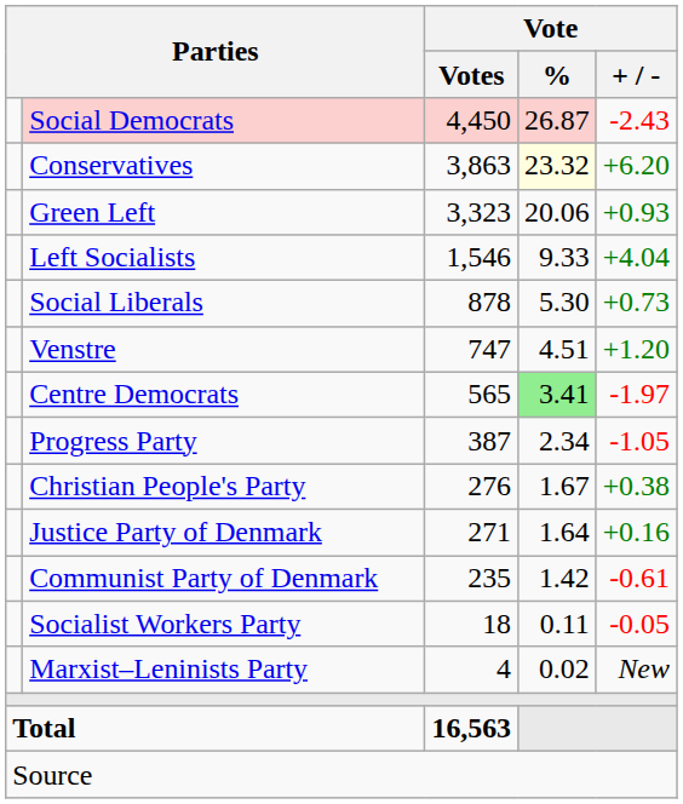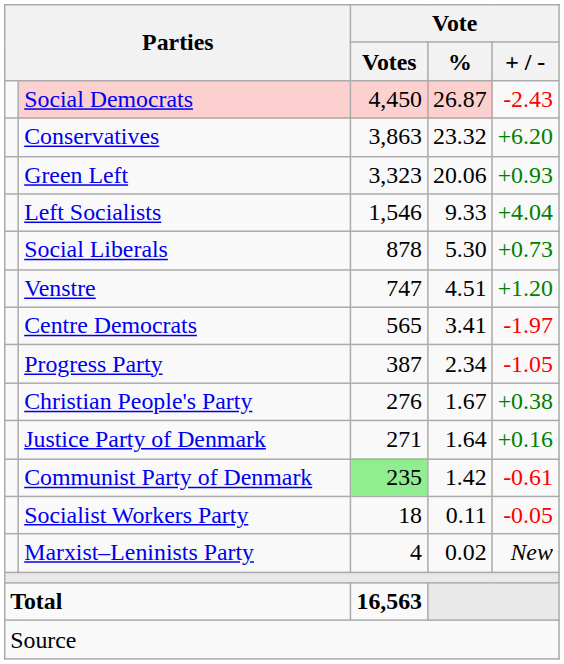 <table class="wikitable" style="text-align:right;">
 <tr>
 <th style="text-align:centre;" rowspan="2" colspan="2" width="225">Parties</th>
 <th colspan="3">Vote</th>
 </tr>
 <tr>
 <th width="15">Votes</th>
 <th width="15">%</th>
 <th width="15">+ / -</th>
 </tr>
 <tr>
 <td width="2" style="color:inherit;background:"></td>
 <td bgcolor=#fbd0ce  align="left"><a href='#'>Social Democrats</a></td>
 <td bgcolor=#fbd0ce>4,450</td>
 <td bgcolor=#fbd0ce>26.87</td>
 <td style=color:red;>-2.43</td>
 </tr>
 <tr>
 <td width="2" style="color:inherit;background:"></td>
 <td align="left"><a href='#'>Conservatives</a></td>
 <td>3,863</td>
-<td style="background: lightyellow;">23.32</td>
+<td>23.32</td>
 <td style=color:green;>+6.20</td>
 </tr>
 <tr>
 <td width="2" style="color:inherit;background:"></td>
 <td align="left"><a href='#'>Green Left</a></td>
 <td>3,323</td>
 <td>20.06</td>
 <td style=color:green;>+0.93</td>
 </tr>
 <tr>
 <td width="2" style="color:inherit;background:"></td>
 <td align="left"><a href='#'>Left Socialists</a></td>
 <td>1,546</td>
 <td>9.33</td>
 <td style=color:green;>+4.04</td>
 </tr>
 <tr>
 <td width="2" style="color:inherit;background:"></td>
 <td align="left"><a href='#'>Social Liberals</a></td>
 <td>878</td>
 <td>5.30</td>
 <td style=color:green;>+0.73</td>
 </tr>
 <tr>
 <td width="2" style="color:inherit;background:"></td>
 <td align="left"><a href='#'>Venstre</a></td>
 <td>747</td>
 <td>4.51</td>
 <td style=color:green;>+1.20</td>
 </tr>
 <tr>
 <td width="2" style="color:inherit;background:"></td>
 <td align="left"><a href='#'>Centre Democrats</a></td>
 <td>565</td>
-<td style="background: lightgreen;">3.41</td>
+<td>3.41</td>
 <td style=color:red;>-1.97</td>
 </tr>
 <tr>
 <td width="2" style="color:inherit;background:"></td>
 <td align="left"><a href='#'>Progress Party</a></td>
 <td>387</td>
 <td>2.34</td>
 <td style=color:red;>-1.05</td>
 </tr>
 <tr>
 <td width="2" style="color:inherit;background:"></td>
 <td align="left"><a href='#'>Christian People's Party</a></td>
 <td>276</td>
 <td>1.67</td>
 <td style=color:green;>+0.38</td>
 </tr>
 <tr>
 <td width="2" style="color:inherit;background:"></td>
 <td align="left"><a href='#'>Justice Party of Denmark</a></td>
 <td>271</td>
 <td>1.64</td>
 <td style=color:green;>+0.16</td>
 </tr>
 <tr>
 <td width="2" style="color:inherit;background:"></td>
 <td align="left"><a href='#'>Communist Party of Denmark</a></td>
-<td>235</td>
+<td style="background: lightgreen;">235</td>
 <td>1.42</td>
 <td style=color:red;>-0.61</td>
 </tr>
 <tr>
 <td width="2" style="color:inherit;background:"></td>
 <td align="left"><a href='#'>Socialist Workers Party</a></td>
 <td>18</td>
 <td>0.11</td>
 <td style=color:red;>-0.05</td>
 </tr>
 <tr>
 <td width="2" style="color:inherit;background:"></td>
 <td align="left"><a href='#'>Marxist–Leninists Party</a></td>
 <td>4</td>
 <td>0.02</td>
 <td><em>New</em></td>
 </tr>
 <tr>
 <td colspan="7" bgcolor="#E9E9E9"></td>
 </tr>
 <tr>
 <td align="left" colspan="2"><strong>Total</strong></td>
 <td><strong>16,563</strong></td>
 <td bgcolor="#E9E9E9" colspan="2"></td>
 </tr>
 <tr>
 <td align="left" colspan="6">Source</td>
 </tr>
 </table>
